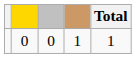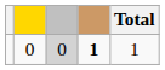 <table class="wikitable">
 <tr>
 <th></th>
 <th style="background-color:gold">        </th>
 <th style="background-color:silver">      </th>
 <th style="background-color:#CC9966">      </th>
 <th>Total</th>
 </tr>
 <tr align="center">
 <td></td>
 <td>0</td>
-<td>0</td>
-<td>1</td>
+<td style="background: lightgrey;">0</td>
+<td><strong>1</strong></td>
 <td>1</td>
 </tr>
 </table>
